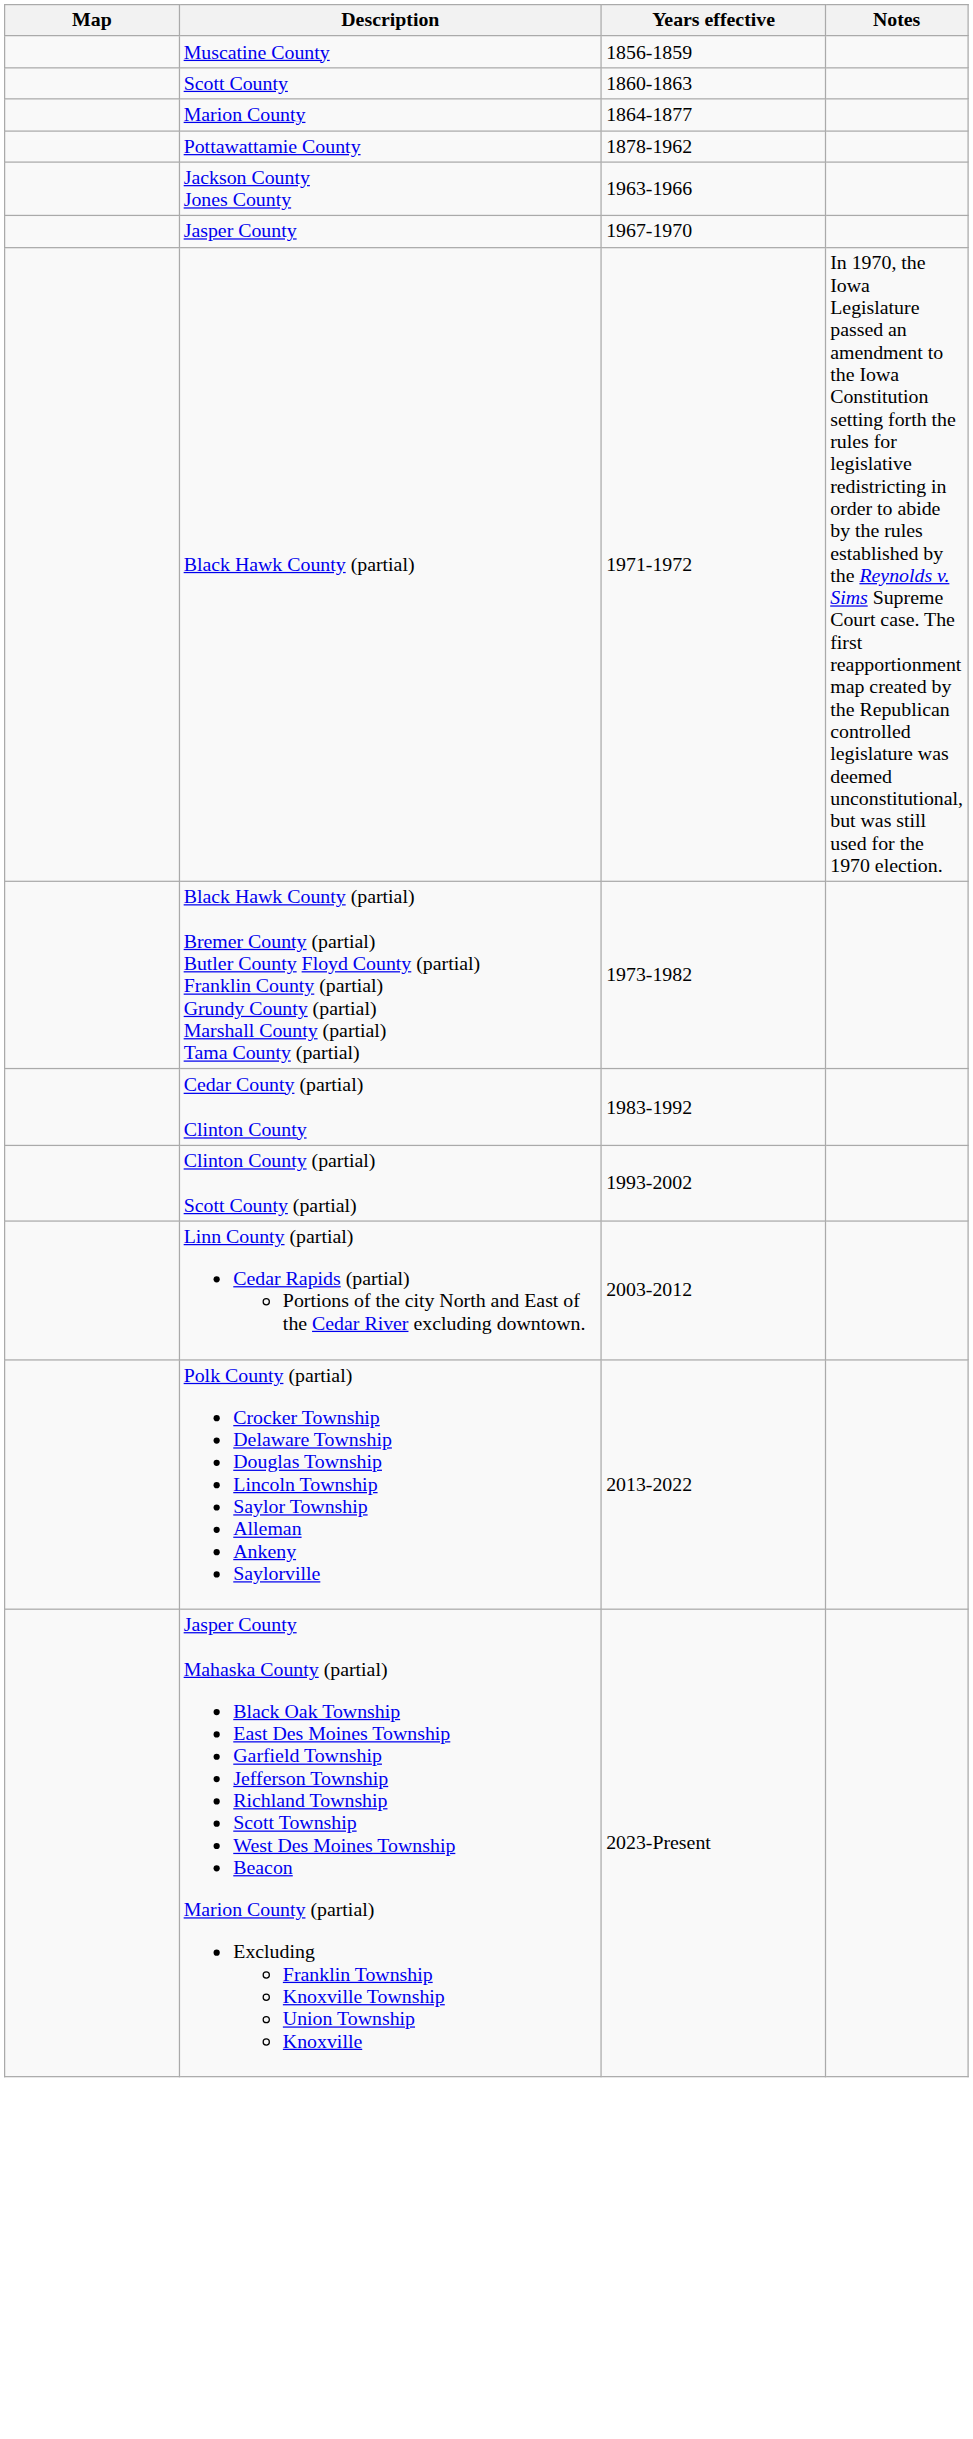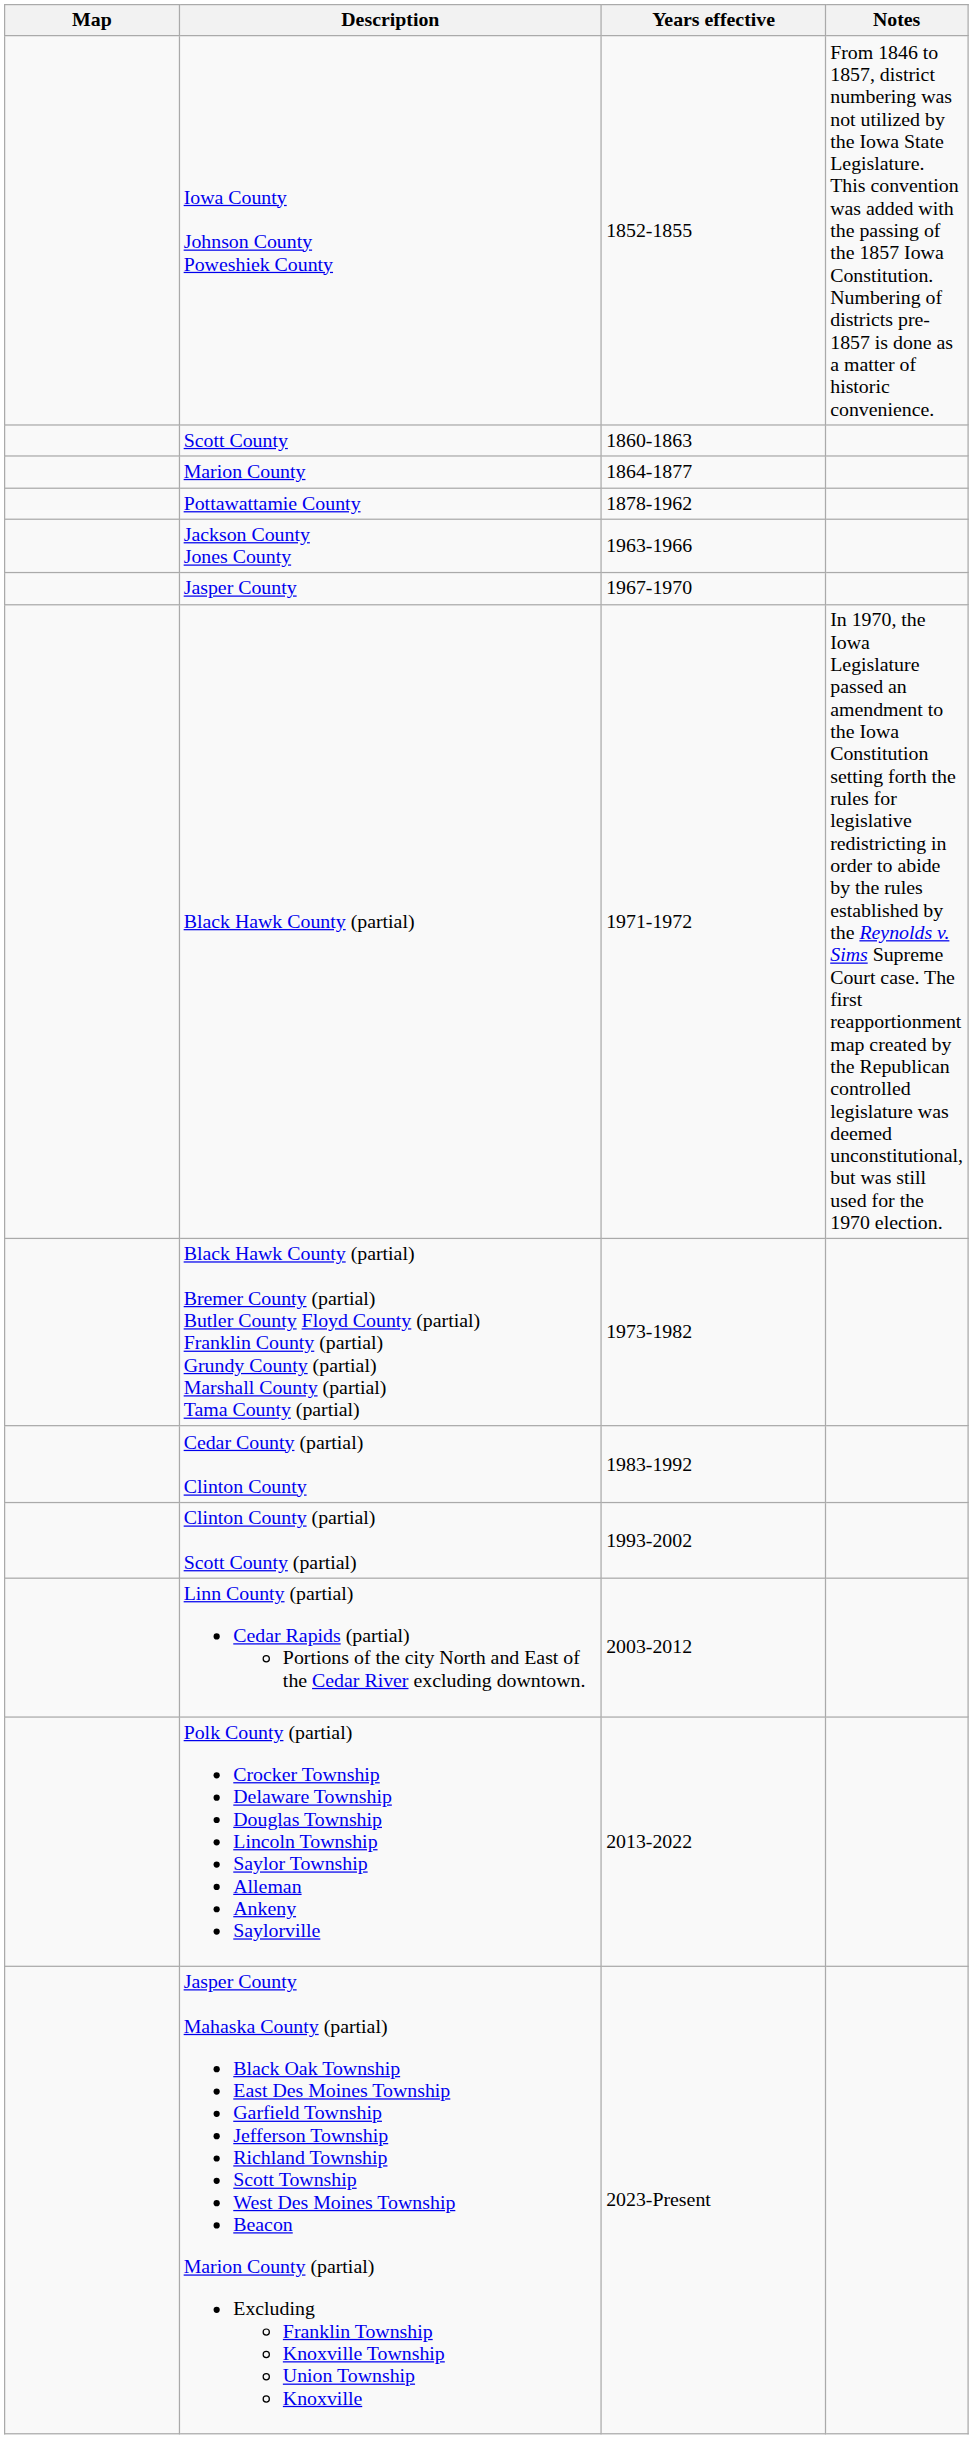 <table class="wikitable sortable">
 <tr>
 <th style="width:100pt;">Map</th>
 <th style="width:250pt;">Description</th>
 <th style="width:130pt;">Years effective</th>
 <th style="width:15pt;">Notes</th>
 </tr>
 <tr>
 <td></td>
-<td><a href='#'>Muscatine County</a></td>
-<td>1856-1859</td>
-<td></td>
+<td><a href='#'>Iowa County</a><br><br><a href='#'>Johnson County</a><br> <a href='#'>Poweshiek County</a></td>
+<td>1852-1855</td>
+<td>From 1846 to 1857, district numbering was not utilized by the Iowa State Legislature. This convention was added with the passing of the 1857 Iowa Constitution. Numbering of districts pre-1857 is done as a matter of historic convenience.</td>
 </tr>
 <tr>
 <td></td>
 <td><a href='#'>Scott County</a></td>
 <td>1860-1863</td>
 <td></td>
 </tr>
 <tr>
 <td></td>
 <td><a href='#'>Marion County</a></td>
 <td>1864-1877</td>
 <td></td>
 </tr>
 <tr>
 <td></td>
 <td><a href='#'>Pottawattamie County</a></td>
 <td>1878-1962</td>
 <td></td>
 </tr>
 <tr>
 <td></td>
 <td><a href='#'>Jackson County</a><br><a href='#'>Jones County</a></td>
 <td>1963-1966</td>
 <td></td>
 </tr>
 <tr>
 <td></td>
 <td><a href='#'>Jasper County</a></td>
 <td>1967-1970</td>
 <td></td>
 </tr>
 <tr>
 <td></td>
 <td><a href='#'>Black Hawk County</a> (partial)</td>
 <td>1971-1972</td>
 <td>In 1970, the Iowa Legislature passed an amendment to the Iowa Constitution setting forth the rules for legislative redistricting in order to abide by the rules established by the <em><a href='#'>Reynolds v. Sims</a></em> Supreme Court case. The first reapportionment map created by the Republican controlled legislature was deemed unconstitutional, but was still used for the 1970 election.</td>
 </tr>
 <tr>
 <td></td>
 <td><a href='#'>Black Hawk County</a> (partial)<br><br><a href='#'>Bremer County</a> (partial)<br> <a href='#'>Butler County</a> <a href='#'>Floyd County</a> (partial)<br> <a href='#'>Franklin County</a> (partial)<br> <a href='#'>Grundy County</a> (partial)<br> <a href='#'>Marshall County</a> (partial)<br> <a href='#'>Tama County</a> (partial)</td>
 <td>1973-1982</td>
 <td></td>
 </tr>
 <tr>
 <td></td>
 <td><a href='#'>Cedar County</a> (partial)<br><br><a href='#'>Clinton County</a></td>
 <td>1983-1992</td>
 <td></td>
 </tr>
 <tr>
 <td></td>
 <td><a href='#'>Clinton County</a> (partial)<br><br><a href='#'>Scott County</a> (partial)</td>
 <td>1993-2002</td>
 <td></td>
 </tr>
 <tr>
 <td></td>
 <td><a href='#'>Linn County</a> (partial)<br><ul><li><a href='#'>Cedar Rapids</a> (partial)<ul><li>Portions of the city North and East of the <a href='#'>Cedar River</a> excluding downtown.</li></ul></li></ul></td>
 <td>2003-2012</td>
 <td></td>
 </tr>
 <tr>
 <td></td>
 <td><a href='#'>Polk County</a> (partial)<br><ul><li><a href='#'>Crocker Township</a></li><li><a href='#'>Delaware Township</a></li><li><a href='#'>Douglas Township</a></li><li><a href='#'>Lincoln Township</a></li><li><a href='#'>Saylor Township</a></li><li><a href='#'>Alleman</a></li><li><a href='#'>Ankeny</a></li><li><a href='#'>Saylorville</a></li></ul></td>
 <td>2013-2022</td>
 <td></td>
 </tr>
 <tr>
 <td></td>
 <td><a href='#'>Jasper County</a><br><br><a href='#'>Mahaska County</a> (partial)<ul><li><a href='#'>Black Oak Township</a></li><li><a href='#'>East Des Moines Township</a></li><li><a href='#'>Garfield Township</a></li><li><a href='#'>Jefferson Township</a></li><li><a href='#'>Richland Township</a></li><li><a href='#'>Scott Township</a></li><li><a href='#'>West Des Moines Township</a></li><li><a href='#'>Beacon</a></li></ul><a href='#'>Marion County</a> (partial)<br><ul><li>Excluding<ul><li><a href='#'>Franklin Township</a></li><li><a href='#'>Knoxville Township</a></li><li><a href='#'>Union Township</a></li><li><a href='#'>Knoxville</a></li></ul></li></ul></td>
 <td>2023-Present</td>
 </tr>
 </table>
